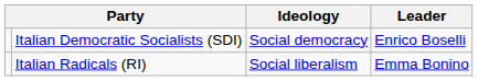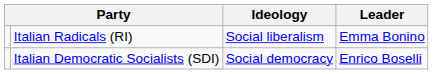 <table class=wikitable style=text-align:left>
 <tr>
 <th colspan=2>Party</th>
 <th>Ideology</th>
 <th>Leader</th>
 </tr>
 <tr>
 <td></td>
+<td><a href='#'>Italian Radicals</a> (RI)</td>
+<td><a href='#'>Social liberalism</a></td>
+<td><a href='#'>Emma Bonino</a></td>
+</tr>
+<tr>
+<td></td>
 <td><a href='#'>Italian Democratic Socialists</a> (SDI)</td>
 <td><a href='#'>Social democracy</a></td>
 <td><a href='#'>Enrico Boselli</a></td>
 </tr>
-<tr>
-<td></td>
-<td><a href='#'>Italian Radicals</a> (RI)</td>
-<td><a href='#'>Social liberalism</a></td>
-<td><a href='#'>Emma Bonino</a></td>
-</tr>
 </table>
